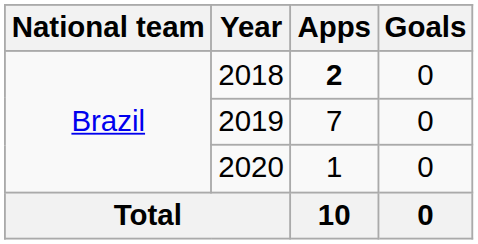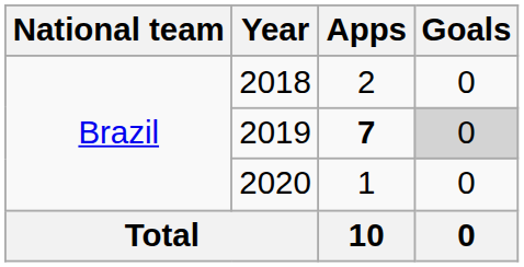 <table class="wikitable" style="text-align:center">
 <tr>
 <th>National team</th>
 <th>Year</th>
 <th>Apps</th>
 <th>Goals</th>
 </tr>
 <tr>
 <td rowspan=3><a href='#'>Brazil</a></td>
 <td>2018</td>
-<td><strong>2</strong></td>
+<td>2</td>
 <td>0</td>
 </tr>
 <tr>
 <td>2019</td>
-<td>7</td>
-<td>0</td>
+<td><strong>7</strong></td>
+<td style="background: lightgrey;">0</td>
 </tr>
 <tr>
 <td>2020</td>
 <td>1</td>
 <td>0</td>
 </tr>
 <tr>
 <th colspan=2>Total</th>
 <th>10</th>
 <th>0</th>
 </tr>
 </table>
